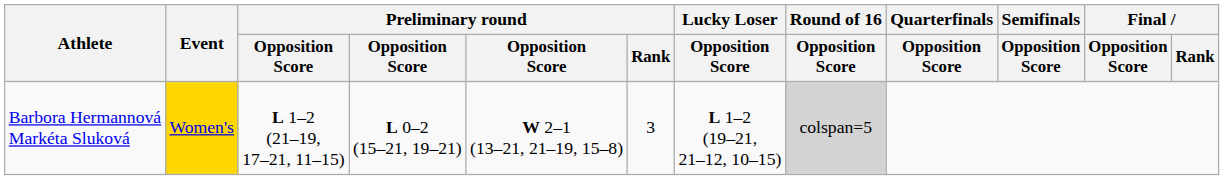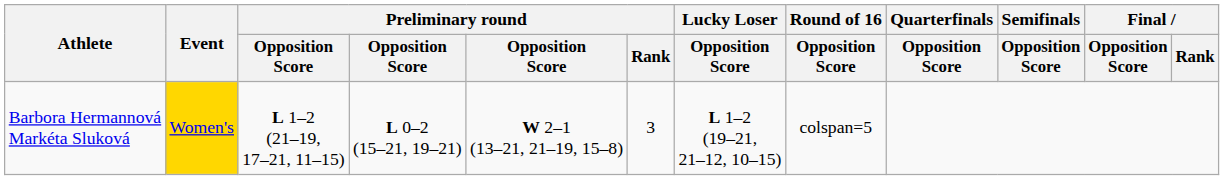 <table class=wikitable style="font-size:89%">
 <tr align=center>
 <th rowspan="2">Athlete</th>
 <th rowspan="2">Event</th>
 <th colspan=4>Preliminary round</th>
 <th>Lucky Loser</th>
 <th>Round of 16</th>
 <th>Quarterfinals</th>
 <th>Semifinals</th>
 <th colspan=2>Final / </th>
 </tr>
 <tr style="font-size:95%">
 <th>Opposition<br>Score</th>
 <th>Opposition<br>Score</th>
 <th>Opposition<br>Score</th>
 <th>Rank</th>
 <th>Opposition<br>Score</th>
 <th>Opposition<br>Score</th>
 <th>Opposition<br>Score</th>
 <th>Opposition<br>Score</th>
 <th>Opposition<br>Score</th>
 <th>Rank</th>
 </tr>
 <tr align=center>
 <td align=left><a href='#'>Barbora Hermannová</a><br><a href='#'>Markéta Sluková</a></td>
 <td align=left style="background: gold;"><a href='#'>Women's</a></td>
 <td><br><strong>L</strong> 1–2<br>(21–19,<br>17–21, 11–15)</td>
 <td><br><strong>L</strong> 0–2<br>(15–21, 19–21)</td>
 <td><br><strong>W</strong> 2–1<br>(13–21, 21–19, 15–8)</td>
 <td>3</td>
 <td><br><strong>L</strong> 1–2<br>(19–21,<br>21–12, 10–15)</td>
-<td style="background: lightgrey;">colspan=5 </td>
+<td>colspan=5 </td>
 </tr>
 </table>
